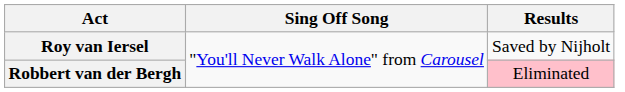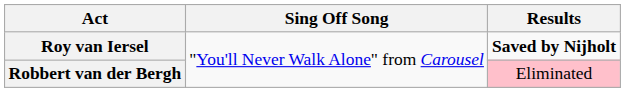 <table class="wikitable plainrowheaders" style="text-align:center;">
 <tr>
 <th scope="col">Act</th>
 <th scope="col">Sing Off Song</th>
 <th scope="col">Results</th>
 </tr>
 <tr>
 <th scope="row">Roy van Iersel</th>
 <td rowspan="2">"<a href='#'>You'll Never Walk Alone</a>" from <em><a href='#'>Carousel</a></em></td>
-<td>Saved by Nijholt</td>
+<td><strong>Saved by Nijholt</strong></td>
 </tr>
 <tr>
 <th scope="row">Robbert van der Bergh</th>
 <td style="background:pink;">Eliminated</td>
 </tr>
 </table>
